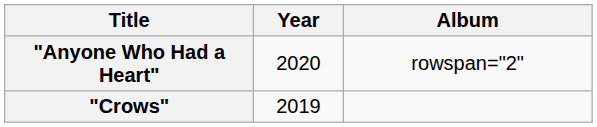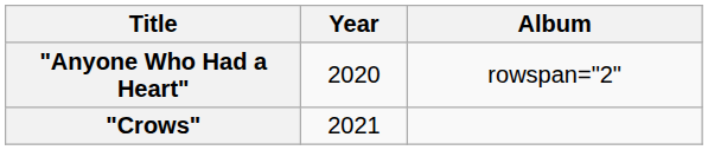 <table class="wikitable plainrowheaders" style="text-align:center;" border="1">
 <tr>
 <th scope="col" style="width:12em;">Title</th>
 <th scope="col" style="width:4em;">Year</th>
 <th scope="col" style="width:12em;">Album</th>
 </tr>
 <tr>
 <th scope="row">"Anyone Who Had a Heart" </th>
 <td>2020</td>
 <td>rowspan="2" </td>
 </tr>
 <tr>
 <th scope="row">"Crows"</th>
-<td>2019</td>
+<td>2021</td>
 </tr>
 </table>
